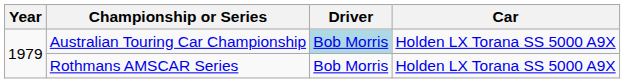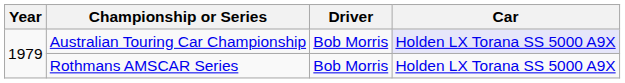 <table class="wikitable" style="font-size: 95%;">
 <tr>
 <th>Year</th>
 <th>Championship or Series</th>
 <th>Driver</th>
 <th>Car</th>
 </tr>
 <tr>
 <td rowspan=2>1979</td>
 <td><a href='#'>Australian Touring Car Championship</a></td>
-<td style="background: lightblue;"><a href='#'>Bob Morris</a></td>
-<td><a href='#'>Holden LX Torana SS 5000 A9X</a></td>
+<td><a href='#'>Bob Morris</a></td>
+<td style="background: lavender;"><a href='#'>Holden LX Torana SS 5000 A9X</a></td>
 </tr>
 <tr>
 <td><a href='#'>Rothmans AMSCAR Series</a></td>
 <td><a href='#'>Bob Morris</a></td>
 <td><a href='#'>Holden LX Torana SS 5000 A9X</a></td>
 </tr>
 </table>
